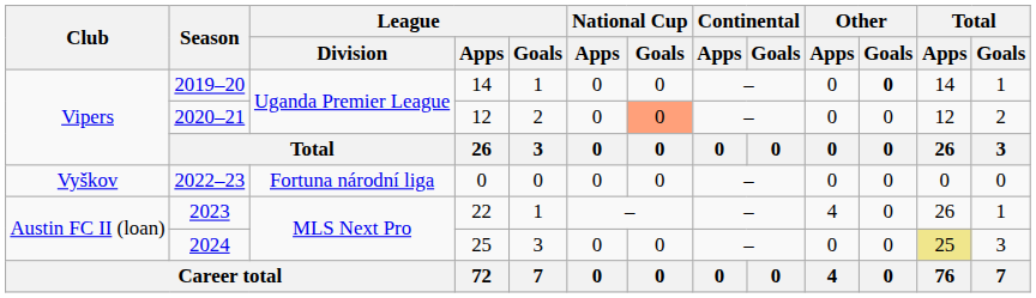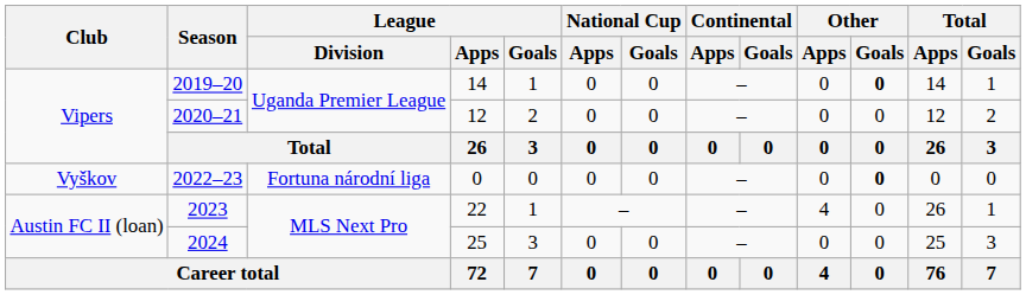 <table class="wikitable" style="text-align: center;">
 <tr>
 <th rowspan=2>Club</th>
 <th rowspan=2>Season</th>
 <th colspan=3>League</th>
 <th colspan=2>National Cup</th>
 <th colspan=2>Continental</th>
 <th colspan=2>Other</th>
 <th colspan=2>Total</th>
 </tr>
 <tr>
 <th>Division</th>
 <th>Apps</th>
 <th>Goals</th>
 <th>Apps</th>
 <th>Goals</th>
 <th>Apps</th>
 <th>Goals</th>
 <th>Apps</th>
 <th>Goals</th>
 <th>Apps</th>
 <th>Goals</th>
 </tr>
 <tr>
 <td rowspan=3><a href='#'>Vipers</a></td>
 <td><a href='#'>2019–20</a></td>
 <td rowspan=2><a href='#'>Uganda Premier League</a></td>
 <td>14</td>
 <td>1</td>
 <td>0</td>
 <td>0</td>
 <td colspan="2">–</td>
 <td>0</td>
 <td><strong>0</strong></td>
 <td>14</td>
 <td>1</td>
 </tr>
 <tr>
 <td><a href='#'>2020–21</a></td>
 <td>12</td>
 <td>2</td>
 <td>0</td>
-<td style="background: lightsalmon;">0</td>
+<td>0</td>
 <td colspan="2">–</td>
 <td>0</td>
 <td>0</td>
 <td>12</td>
 <td>2</td>
 </tr>
 <tr>
 <th colspan=2><strong>Total</strong></th>
 <th>26</th>
 <th>3</th>
 <th>0</th>
 <th>0</th>
 <th>0</th>
 <th>0</th>
 <th>0</th>
 <th>0</th>
 <th>26</th>
 <th>3</th>
 </tr>
 <tr>
 <td><a href='#'>Vyškov</a></td>
 <td><a href='#'>2022–23</a></td>
 <td><a href='#'>Fortuna národní liga</a></td>
 <td>0</td>
 <td>0</td>
 <td>0</td>
 <td>0</td>
 <td colspan=2>–</td>
 <td>0</td>
-<td>0</td>
+<td><strong>0</strong></td>
 <td>0</td>
 <td>0</td>
 </tr>
 <tr>
 <td rowspan=2><a href='#'>Austin FC II</a> (loan)</td>
 <td><a href='#'>2023</a></td>
 <td rowspan=2><a href='#'>MLS Next Pro</a></td>
 <td>22</td>
 <td>1</td>
 <td colspan=2>–</td>
 <td colspan=2>–</td>
 <td>4</td>
 <td>0</td>
 <td>26</td>
 <td>1</td>
 </tr>
 <tr>
 <td><a href='#'>2024</a></td>
 <td>25</td>
 <td>3</td>
 <td>0</td>
 <td>0</td>
 <td colspan=2>–</td>
 <td>0</td>
 <td>0</td>
-<td style="background: khaki;">25</td>
+<td>25</td>
 <td>3</td>
 </tr>
 <tr>
 <th colspan=3><strong>Career total</strong></th>
 <th>72</th>
 <th>7</th>
 <th>0</th>
 <th>0</th>
 <th>0</th>
 <th>0</th>
 <th>4</th>
 <th>0</th>
 <th>76</th>
 <th>7</th>
 </tr>
 </table>
